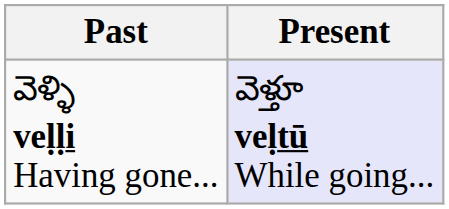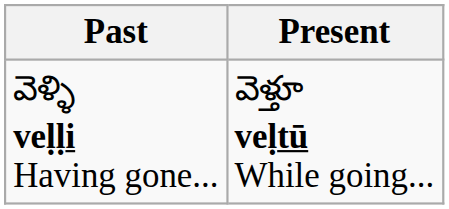 <table class="wikitable">
 <tr>
 <th>Past</th>
 <th>Present</th>
 </tr>
 <tr>
 <td>వెళ్ళి<br><strong>veḷḷ<u>i</u></strong><br>Having gone...</td>
-<td style="background: lavender;">వెళ్తూ<br><strong>veḷ<u>tū</u></strong><br>While going...</td>
+<td>వెళ్తూ<br><strong>veḷ<u>tū</u></strong><br>While going...</td>
 </tr>
 </table>
